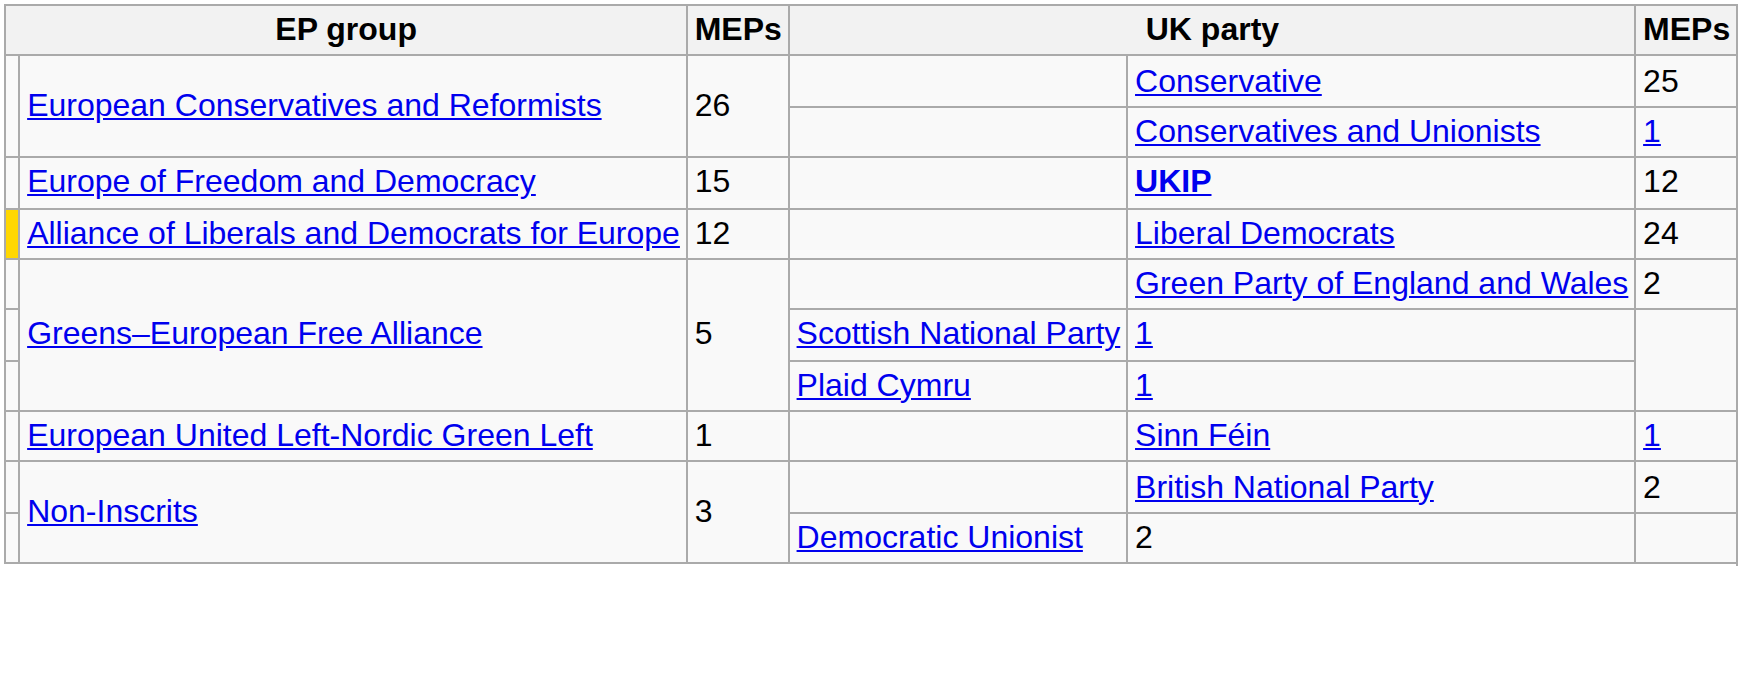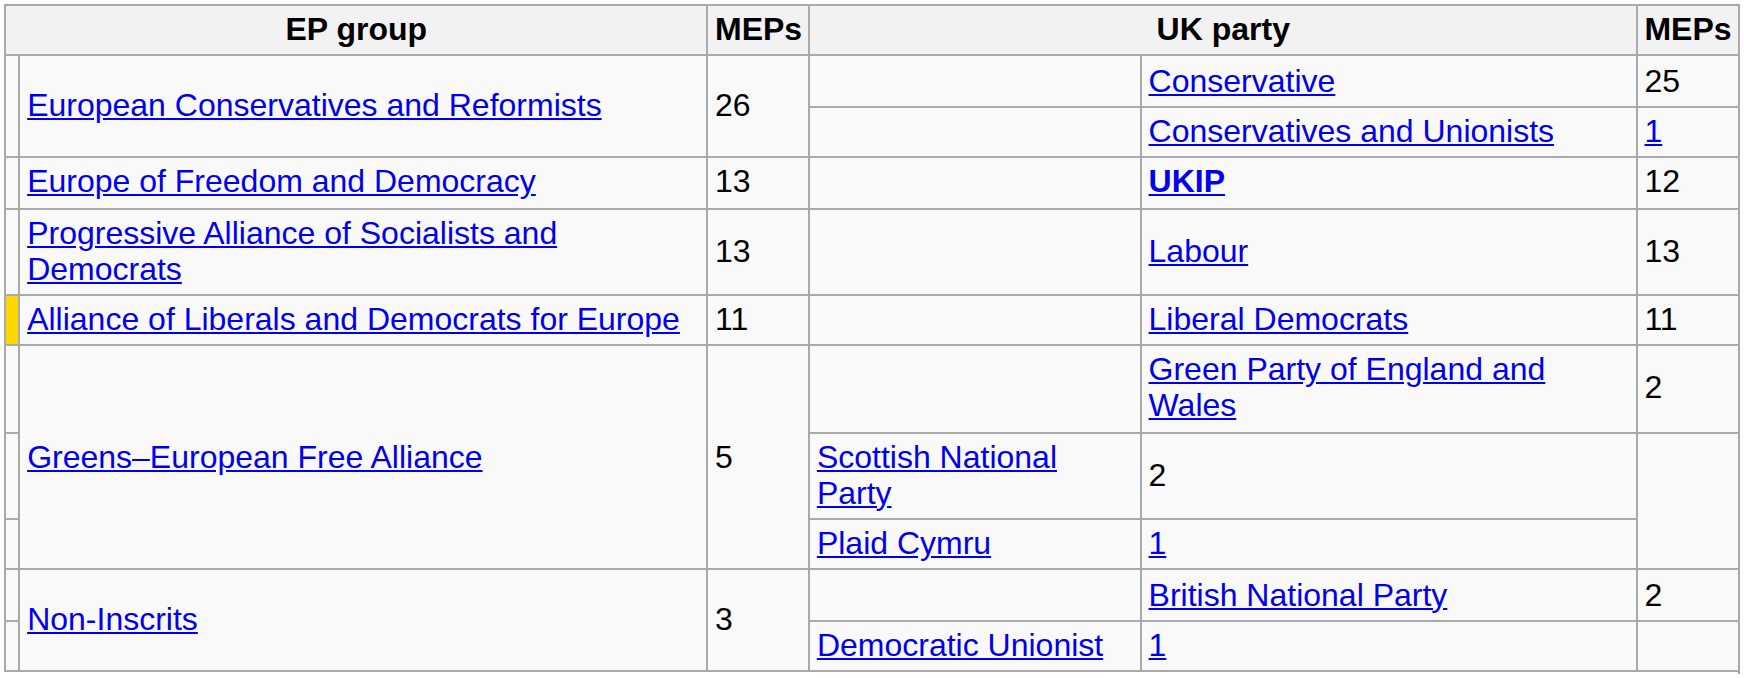 <table class="wikitable">
 <tr>
 <th colspan="2">EP group</th>
 <th>MEPs</th>
 <th colspan="2">UK party</th>
 <th>MEPs</th>
 </tr>
 <tr>
 <td rowspan="2" style="color:inherit;background:"></td>
 <td ROwspan="2"><a href='#'>European Conservatives and Reformists</a></td>
 <td rowspan="2">26</td>
 <td style="color:inherit;background:"></td>
 <td><a href='#'>Conservative</a></td>
 <td>25</td>
 </tr>
 <tr>
 <td style="color:inherit;background:"></td>
 <td><a href='#'>Conservatives and Unionists</a></td>
 <td><a href='#'>1</a></td>
 </tr>
 <tr>
 <td style="color:inherit;background:"></td>
 <td><a href='#'>Europe of Freedom and Democracy</a></td>
-<td>15</td>
+<td>13</td>
 <td style="color:inherit;background:"></td>
 <td><strong><a href='#'>UKIP</a></strong></td>
 <td>12</td>
 </tr>
 <tr>
+<td style="color:inherit;background:"></td>
+<td><a href='#'>Progressive Alliance of Socialists and Democrats</a></td>
+<td>13</td>
+<td style="color:inherit;background:"></td>
+<td><a href='#'>Labour</a></td>
+<td>13</td>
+</tr>
+<tr>
 <td bgcolor="gold"></td>
 <td><a href='#'>Alliance of Liberals and Democrats for Europe</a></td>
-<td>12</td>
+<td>11</td>
 <td style="color:inherit;background:"></td>
 <td><a href='#'>Liberal Democrats</a></td>
-<td>24</td>
+<td>11</td>
 </tr>
 <tr>
 <td></td>
 <td rowspan="3"><a href='#'>Greens–European Free Alliance</a></td>
 <td rowspan="3">5</td>
 <td style="color:inherit;background:"></td>
 <td><a href='#'>Green Party of England and Wales</a></td>
 <td>2</td>
 </tr>
 <tr>
 <td style="color:inherit;background:"></td>
 <td><a href='#'>Scottish National Party</a></td>
-<td><a href='#'>1</a></td>
+<td>2</td>
 </tr>
 <tr>
 <td style="color:inherit;background:"></td>
 <td><a href='#'>Plaid Cymru</a></td>
-<td><a href='#'>1</a></td>
-</tr>
-<tr>
-<td style="color:inherit;background:"></td>
-<td><a href='#'>European United Left-Nordic Green Left</a></td>
-<td>1</td>
-<td style="color:inherit;background:"></td>
-<td><a href='#'>Sinn Féin</a></td>
 <td><a href='#'>1</a></td>
 </tr>
 <tr>
 <td></td>
 <td rowspan="2"><a href='#'>Non-Inscrits</a></td>
 <td rowspan="2">3</td>
 <td style="color:inherit;background:"></td>
 <td><a href='#'>British National Party</a></td>
 <td>2</td>
 </tr>
 <tr>
 <td style="color:inherit;background:"></td>
 <td><a href='#'>Democratic Unionist</a></td>
-<td>2</td>
+<td><a href='#'>1</a></td>
 </tr>
 <tr>
 </tr>
 </table>
